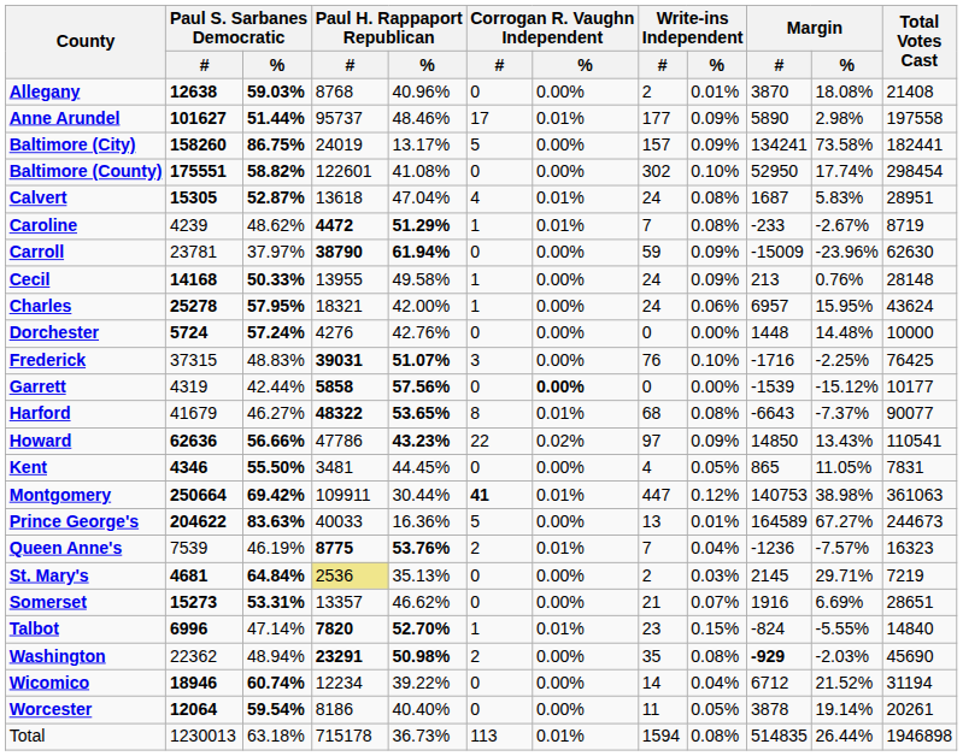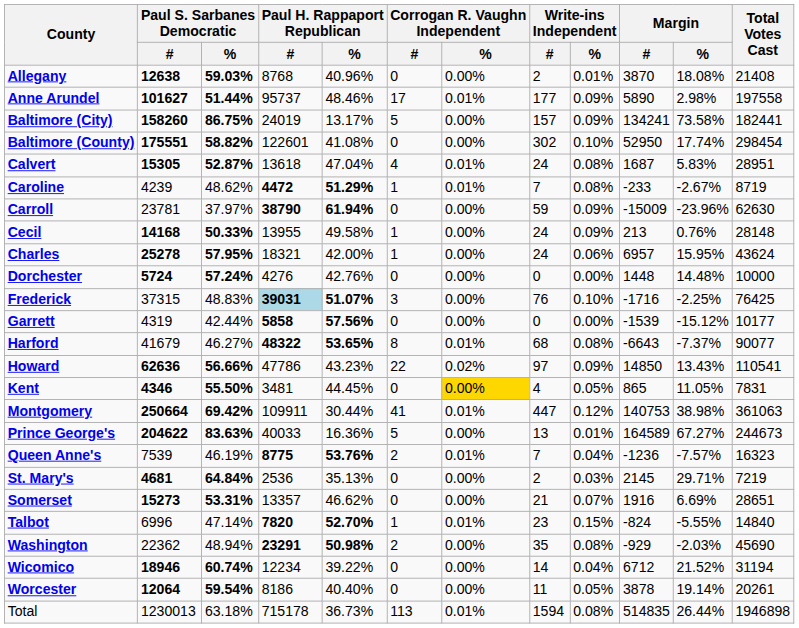 <table class="wikitable sortable">
 <tr>
 <th rowspan="2">County</th>
 <th colspan="2" >Paul S. Sarbanes<br>Democratic</th>
 <th colspan="2" >Paul H. Rappaport<br>Republican</th>
 <th colspan="2" >Corrogan R. Vaughn<br>Independent</th>
 <th colspan="2" >Write-ins<br>Independent</th>
 <th colspan="2">Margin</th>
 <th rowspan="2">Total<br>Votes<br>Cast</th>
 </tr>
 <tr>
 <th>#</th>
 <th>%</th>
 <th>#</th>
 <th>%</th>
 <th>#</th>
 <th>%</th>
 <th>#</th>
 <th>%</th>
 <th>#</th>
 <th>%</th>
 </tr>
 <tr>
 <td><strong><a href='#'>Allegany</a></strong></td>
 <td><strong>12638</strong></td>
 <td><strong>59.03%</strong></td>
 <td>8768</td>
 <td>40.96%</td>
 <td>0</td>
 <td>0.00%</td>
 <td>2</td>
 <td>0.01%</td>
 <td>3870</td>
 <td>18.08%</td>
 <td>21408</td>
 </tr>
 <tr>
 <td><strong><a href='#'>Anne Arundel</a></strong></td>
 <td><strong>101627</strong></td>
 <td><strong>51.44%</strong></td>
 <td>95737</td>
 <td>48.46%</td>
 <td>17</td>
 <td>0.01%</td>
 <td>177</td>
 <td>0.09%</td>
 <td>5890</td>
 <td>2.98%</td>
 <td>197558</td>
 </tr>
 <tr>
 <td><strong><a href='#'>Baltimore (City)</a></strong></td>
 <td><strong>158260</strong></td>
 <td><strong>86.75%</strong></td>
 <td>24019</td>
 <td>13.17%</td>
 <td>5</td>
 <td>0.00%</td>
 <td>157</td>
 <td>0.09%</td>
 <td>134241</td>
 <td>73.58%</td>
 <td>182441</td>
 </tr>
 <tr>
 <td><strong><a href='#'>Baltimore (County)</a></strong></td>
 <td><strong>175551</strong></td>
 <td><strong>58.82%</strong></td>
 <td>122601</td>
 <td>41.08%</td>
 <td>0</td>
 <td>0.00%</td>
 <td>302</td>
 <td>0.10%</td>
 <td>52950</td>
 <td>17.74%</td>
 <td>298454</td>
 </tr>
 <tr>
 <td><strong><a href='#'>Calvert</a></strong></td>
 <td><strong>15305</strong></td>
 <td><strong>52.87%</strong></td>
 <td>13618</td>
 <td>47.04%</td>
 <td>4</td>
 <td>0.01%</td>
 <td>24</td>
 <td>0.08%</td>
 <td>1687</td>
 <td>5.83%</td>
 <td>28951</td>
 </tr>
 <tr>
 <td><strong><a href='#'>Caroline</a></strong></td>
 <td>4239</td>
 <td>48.62%</td>
 <td><strong>4472</strong></td>
 <td><strong>51.29%</strong></td>
 <td>1</td>
 <td>0.01%</td>
 <td>7</td>
 <td>0.08%</td>
 <td>-233</td>
 <td>-2.67%</td>
 <td>8719</td>
 </tr>
 <tr>
 <td><strong><a href='#'>Carroll</a></strong></td>
 <td>23781</td>
 <td>37.97%</td>
 <td><strong>38790</strong></td>
 <td><strong>61.94%</strong></td>
 <td>0</td>
 <td>0.00%</td>
 <td>59</td>
 <td>0.09%</td>
 <td>-15009</td>
 <td>-23.96%</td>
 <td>62630</td>
 </tr>
 <tr>
 <td><strong><a href='#'>Cecil</a></strong></td>
 <td><strong>14168</strong></td>
 <td><strong>50.33%</strong></td>
 <td>13955</td>
 <td>49.58%</td>
 <td>1</td>
 <td>0.00%</td>
 <td>24</td>
 <td>0.09%</td>
 <td>213</td>
 <td>0.76%</td>
 <td>28148</td>
 </tr>
 <tr>
 <td><strong><a href='#'>Charles</a></strong></td>
 <td><strong>25278</strong></td>
 <td><strong>57.95%</strong></td>
 <td>18321</td>
 <td>42.00%</td>
 <td>1</td>
 <td>0.00%</td>
 <td>24</td>
 <td>0.06%</td>
 <td>6957</td>
 <td>15.95%</td>
 <td>43624</td>
 </tr>
 <tr>
 <td><strong><a href='#'>Dorchester</a></strong></td>
 <td><strong>5724</strong></td>
 <td><strong>57.24%</strong></td>
 <td>4276</td>
 <td>42.76%</td>
 <td>0</td>
 <td>0.00%</td>
 <td>0</td>
 <td>0.00%</td>
 <td>1448</td>
 <td>14.48%</td>
 <td>10000</td>
 </tr>
 <tr>
 <td><strong><a href='#'>Frederick</a></strong></td>
 <td>37315</td>
 <td>48.83%</td>
-<td><strong>39031</strong></td>
+<td style="background: lightblue;"><strong>39031</strong></td>
 <td><strong>51.07%</strong></td>
 <td>3</td>
 <td>0.00%</td>
 <td>76</td>
 <td>0.10%</td>
 <td>-1716</td>
 <td>-2.25%</td>
 <td>76425</td>
 </tr>
 <tr>
 <td><strong><a href='#'>Garrett</a></strong></td>
 <td>4319</td>
 <td>42.44%</td>
 <td><strong>5858</strong></td>
 <td><strong>57.56%</strong></td>
 <td>0</td>
-<td><strong>0.00%</strong></td>
+<td>0.00%</td>
 <td>0</td>
 <td>0.00%</td>
 <td>-1539</td>
 <td>-15.12%</td>
 <td>10177</td>
 </tr>
 <tr>
 <td><strong><a href='#'>Harford</a></strong></td>
 <td>41679</td>
 <td>46.27%</td>
 <td><strong>48322</strong></td>
 <td><strong>53.65%</strong></td>
 <td>8</td>
 <td>0.01%</td>
 <td>68</td>
 <td>0.08%</td>
 <td>-6643</td>
 <td>-7.37%</td>
 <td>90077</td>
 </tr>
 <tr>
 <td><strong><a href='#'>Howard</a></strong></td>
 <td><strong>62636</strong></td>
 <td><strong>56.66%</strong></td>
 <td>47786</td>
-<td><strong>43.23%</strong></td>
+<td>43.23%</td>
 <td>22</td>
 <td>0.02%</td>
 <td>97</td>
 <td>0.09%</td>
 <td>14850</td>
 <td>13.43%</td>
 <td>110541</td>
 </tr>
 <tr>
 <td><strong><a href='#'>Kent</a></strong></td>
 <td><strong>4346</strong></td>
 <td><strong>55.50%</strong></td>
 <td>3481</td>
 <td>44.45%</td>
 <td>0</td>
-<td>0.00%</td>
+<td style="background: gold;">0.00%</td>
 <td>4</td>
 <td>0.05%</td>
 <td>865</td>
 <td>11.05%</td>
 <td>7831</td>
 </tr>
 <tr>
 <td><strong><a href='#'>Montgomery</a></strong></td>
 <td><strong>250664</strong></td>
 <td><strong>69.42%</strong></td>
 <td>109911</td>
 <td>30.44%</td>
-<td><strong>41</strong></td>
+<td>41</td>
 <td>0.01%</td>
 <td>447</td>
 <td>0.12%</td>
 <td>140753</td>
 <td>38.98%</td>
 <td>361063</td>
 </tr>
 <tr>
 <td><strong><a href='#'>Prince George's</a></strong></td>
 <td><strong>204622</strong></td>
 <td><strong>83.63%</strong></td>
 <td>40033</td>
 <td>16.36%</td>
 <td>5</td>
 <td>0.00%</td>
 <td>13</td>
 <td>0.01%</td>
 <td>164589</td>
 <td>67.27%</td>
 <td>244673</td>
 </tr>
 <tr>
 <td><strong><a href='#'>Queen Anne's</a></strong></td>
 <td>7539</td>
 <td>46.19%</td>
 <td><strong>8775</strong></td>
 <td><strong>53.76%</strong></td>
 <td>2</td>
 <td>0.01%</td>
 <td>7</td>
 <td>0.04%</td>
 <td>-1236</td>
 <td>-7.57%</td>
 <td>16323</td>
 </tr>
 <tr>
 <td><strong><a href='#'>St. Mary's</a></strong></td>
 <td><strong>4681</strong></td>
 <td><strong>64.84%</strong></td>
-<td style="background: khaki;">2536</td>
+<td>2536</td>
 <td>35.13%</td>
 <td>0</td>
 <td>0.00%</td>
 <td>2</td>
 <td>0.03%</td>
 <td>2145</td>
 <td>29.71%</td>
 <td>7219</td>
 </tr>
 <tr>
 <td><strong><a href='#'>Somerset</a></strong></td>
 <td><strong>15273</strong></td>
 <td><strong>53.31%</strong></td>
 <td>13357</td>
 <td>46.62%</td>
 <td>0</td>
 <td>0.00%</td>
 <td>21</td>
 <td>0.07%</td>
 <td>1916</td>
 <td>6.69%</td>
 <td>28651</td>
 </tr>
 <tr>
 <td><strong><a href='#'>Talbot</a></strong></td>
-<td><strong>6996</strong></td>
+<td>6996</td>
 <td>47.14%</td>
 <td><strong>7820</strong></td>
 <td><strong>52.70%</strong></td>
 <td>1</td>
 <td>0.01%</td>
 <td>23</td>
 <td>0.15%</td>
 <td>-824</td>
 <td>-5.55%</td>
 <td>14840</td>
 </tr>
 <tr>
 <td><strong><a href='#'>Washington</a></strong></td>
 <td>22362</td>
 <td>48.94%</td>
 <td><strong>23291</strong></td>
 <td><strong>50.98%</strong></td>
 <td>2</td>
 <td>0.00%</td>
 <td>35</td>
 <td>0.08%</td>
-<td><strong>-929</strong></td>
+<td>-929</td>
 <td>-2.03%</td>
 <td>45690</td>
 </tr>
 <tr>
 <td><strong><a href='#'>Wicomico</a></strong></td>
 <td><strong>18946</strong></td>
 <td><strong>60.74%</strong></td>
 <td>12234</td>
 <td>39.22%</td>
 <td>0</td>
 <td>0.00%</td>
 <td>14</td>
 <td>0.04%</td>
 <td>6712</td>
 <td>21.52%</td>
 <td>31194</td>
 </tr>
 <tr>
 <td><strong><a href='#'>Worcester</a></strong></td>
 <td><strong>12064</strong></td>
 <td><strong>59.54%</strong></td>
 <td>8186</td>
 <td>40.40%</td>
 <td>0</td>
 <td>0.00%</td>
 <td>11</td>
 <td>0.05%</td>
 <td>3878</td>
 <td>19.14%</td>
 <td>20261</td>
 </tr>
 <tr>
 <td>Total</td>
 <td>1230013</td>
 <td>63.18%</td>
 <td>715178</td>
 <td>36.73%</td>
 <td>113</td>
 <td>0.01%</td>
 <td>1594</td>
 <td>0.08%</td>
 <td>514835</td>
 <td>26.44%</td>
 <td>1946898</td>
 </tr>
 </table>
